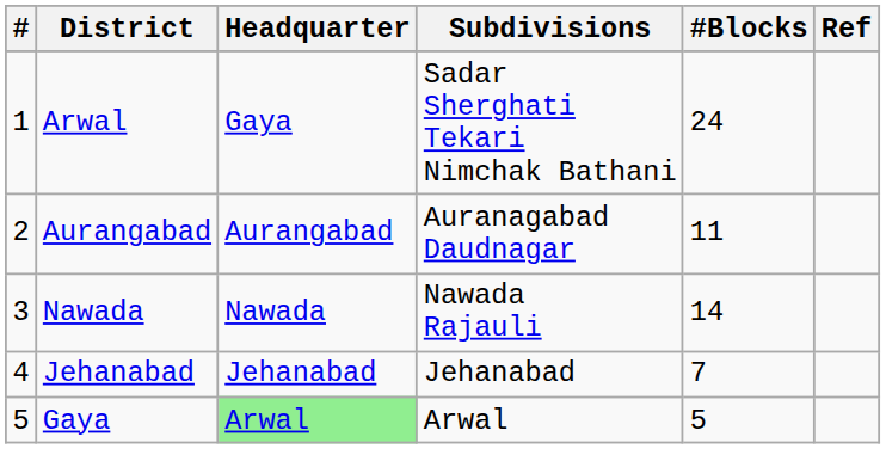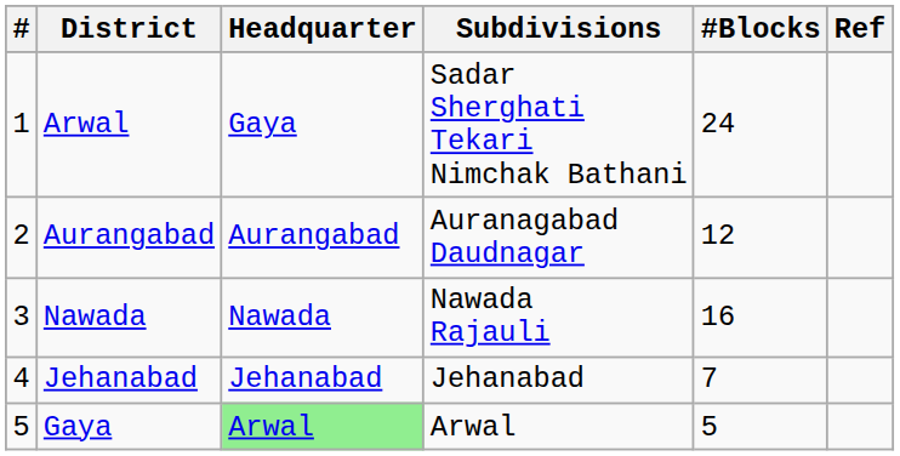 <table class="wikitable">
 <tr>
 <th>#</th>
 <th><strong>District</strong></th>
 <th><strong>Headquarter</strong></th>
 <th><strong>Subdivisions</strong></th>
 <th><strong>#Blocks</strong></th>
 <th><strong>Ref</strong></th>
 </tr>
 <tr>
 <td>1</td>
 <td><a href='#'>Arwal</a></td>
 <td><a href='#'>Gaya</a></td>
 <td>Sadar<br><a href='#'>Sherghati</a><br><a href='#'>Tekari</a><br>Nimchak Bathani</td>
 <td>24</td>
 <td></td>
 </tr>
 <tr>
 <td>2</td>
 <td><a href='#'>Aurangabad</a></td>
 <td><a href='#'>Aurangabad</a></td>
 <td>Auranagabad<br><a href='#'>Daudnagar</a></td>
-<td>11</td>
+<td>12</td>
 <td></td>
 </tr>
 <tr>
 <td>3</td>
 <td><a href='#'>Nawada</a></td>
 <td><a href='#'>Nawada</a></td>
 <td>Nawada<br><a href='#'>Rajauli</a></td>
-<td>14</td>
+<td>16</td>
 <td></td>
 </tr>
 <tr>
 <td>4</td>
 <td><a href='#'>Jehanabad</a></td>
 <td><a href='#'>Jehanabad</a></td>
 <td>Jehanabad</td>
 <td>7</td>
 <td></td>
 </tr>
 <tr>
 <td>5</td>
 <td><a href='#'>Gaya</a></td>
 <td style="background: lightgreen;"><a href='#'>Arwal</a></td>
 <td>Arwal</td>
 <td>5</td>
 <td></td>
 </tr>
 </table>
